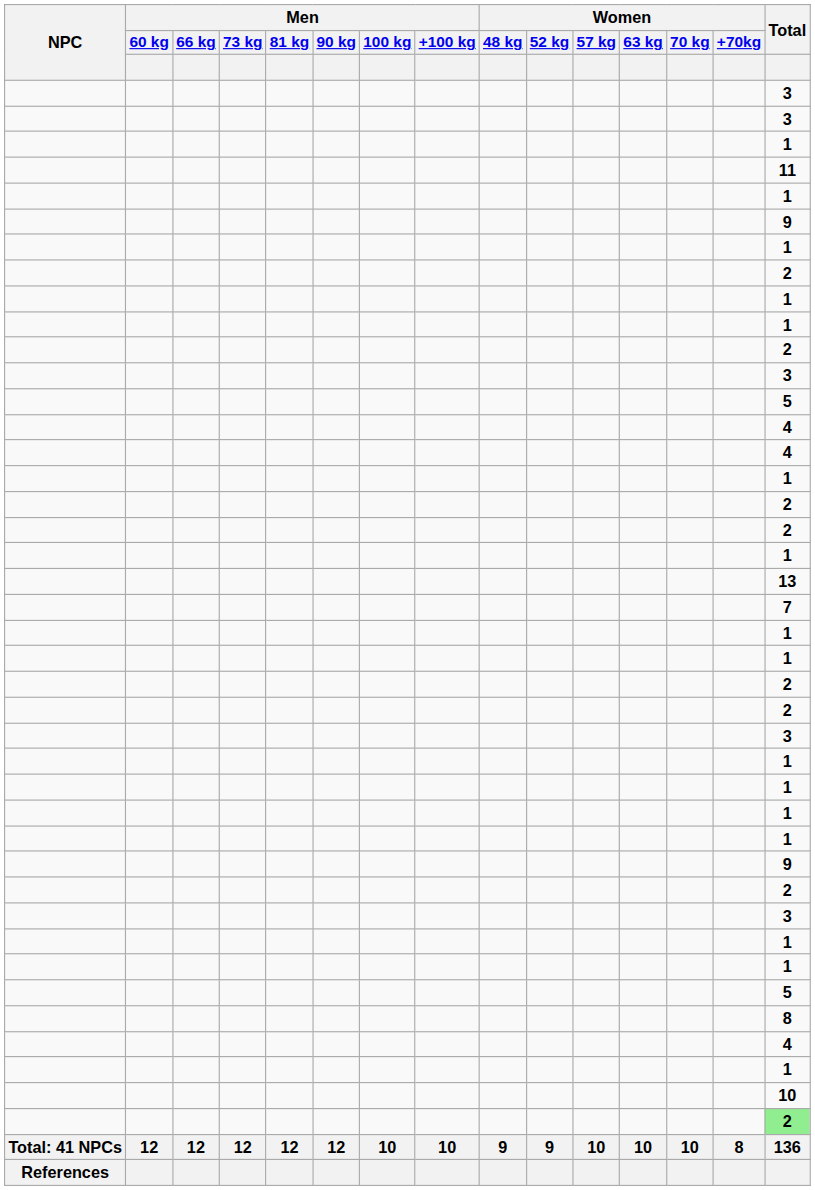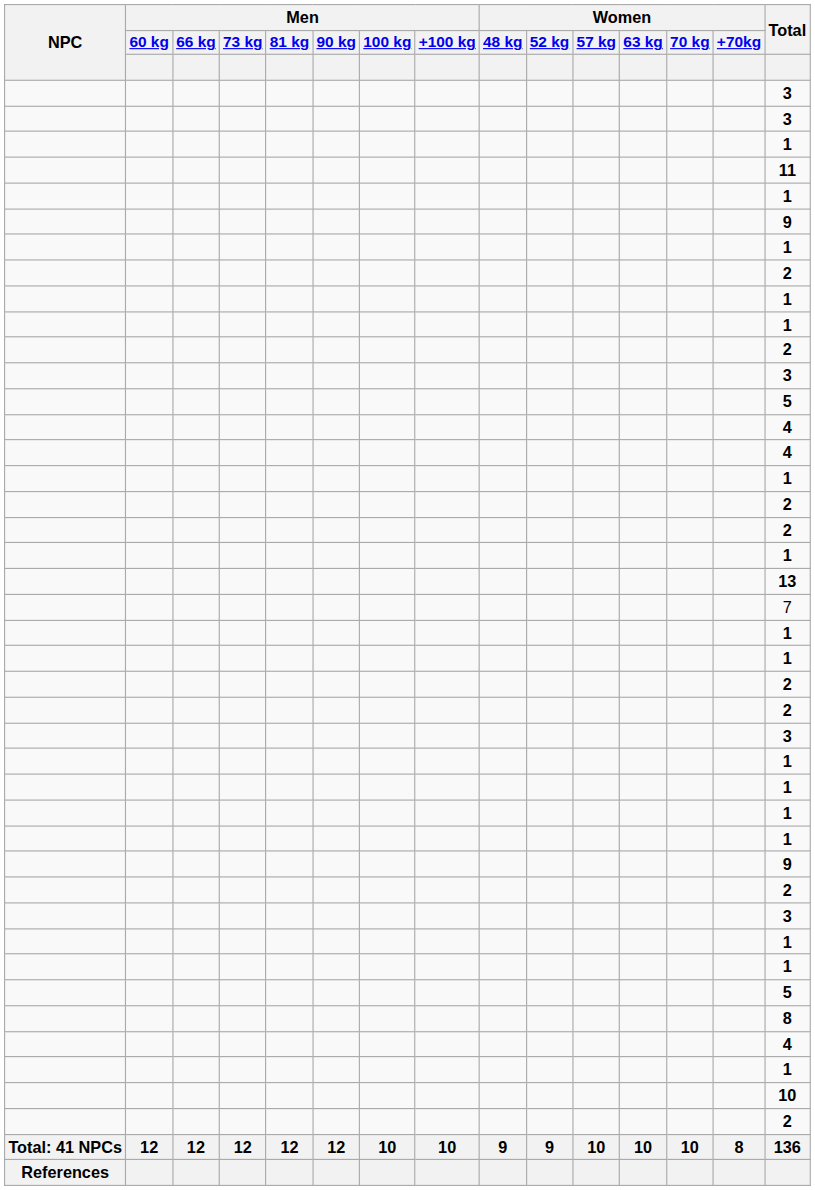 <table class="wikitable sortable" style="text-align:center; font-size:90%">
 <tr>
 <th rowspan=3>NPC</th>
 <th colspan=7>Men</th>
 <th colspan=6>Women</th>
 <th rowspan=2>Total</th>
 </tr>
 <tr style=font-size:95%>
 <th><a href='#'>60 kg</a></th>
 <th><a href='#'>66 kg</a></th>
 <th><a href='#'>73 kg</a></th>
 <th><a href='#'>81 kg</a></th>
 <th><a href='#'>90 kg</a></th>
 <th><a href='#'>100 kg</a></th>
 <th><a href='#'>+100 kg</a></th>
 <th><a href='#'>48 kg</a></th>
 <th><a href='#'>52 kg</a></th>
 <th><a href='#'>57 kg</a></th>
 <th><a href='#'>63 kg</a></th>
 <th><a href='#'>70 kg</a></th>
 <th><a href='#'>+70kg</a></th>
 </tr>
 <tr style="text-align:center;">
 <th> </th>
 <th></th>
 <th></th>
 <th></th>
 <th></th>
 <th></th>
 <th></th>
 <th></th>
 <th></th>
 <th></th>
 <th></th>
 <th></th>
 <th></th>
 <th></th>
 </tr>
 <tr>
 <td style="text-align:left;"></td>
 <td></td>
 <td></td>
 <td></td>
 <td></td>
 <td></td>
 <td></td>
 <td></td>
 <td></td>
 <td></td>
 <td></td>
 <td></td>
 <td></td>
 <td></td>
 <td><strong>3</strong></td>
 </tr>
 <tr>
 <td style="text-align:left;"></td>
 <td></td>
 <td></td>
 <td></td>
 <td></td>
 <td></td>
 <td></td>
 <td></td>
 <td></td>
 <td></td>
 <td></td>
 <td></td>
 <td></td>
 <td></td>
 <td><strong>3</strong></td>
 </tr>
 <tr>
 <td style="text-align:left;"></td>
 <td></td>
 <td></td>
 <td></td>
 <td></td>
 <td></td>
 <td></td>
 <td></td>
 <td></td>
 <td></td>
 <td></td>
 <td></td>
 <td></td>
 <td></td>
 <td><strong>1</strong></td>
 </tr>
 <tr>
 <td style="text-align:left;"></td>
 <td></td>
 <td></td>
 <td></td>
 <td></td>
 <td></td>
 <td></td>
 <td></td>
 <td></td>
 <td></td>
 <td></td>
 <td></td>
 <td></td>
 <td></td>
 <td><strong>11</strong></td>
 </tr>
 <tr>
 <td style="text-align:left;"></td>
 <td></td>
 <td></td>
 <td></td>
 <td></td>
 <td></td>
 <td></td>
 <td></td>
 <td></td>
 <td></td>
 <td></td>
 <td></td>
 <td></td>
 <td></td>
 <td><strong>1</strong></td>
 </tr>
 <tr>
 <td style="text-align:left;"></td>
 <td></td>
 <td></td>
 <td></td>
 <td></td>
 <td></td>
 <td></td>
 <td></td>
 <td></td>
 <td></td>
 <td></td>
 <td></td>
 <td></td>
 <td></td>
 <td><strong>9</strong></td>
 </tr>
 <tr>
 <td style="text-align:left;"></td>
 <td></td>
 <td></td>
 <td></td>
 <td></td>
 <td></td>
 <td></td>
 <td></td>
 <td></td>
 <td></td>
 <td></td>
 <td></td>
 <td></td>
 <td></td>
 <td><strong>1</strong></td>
 </tr>
 <tr>
 <td style="text-align:left;"></td>
 <td></td>
 <td></td>
 <td></td>
 <td></td>
 <td></td>
 <td></td>
 <td></td>
 <td></td>
 <td></td>
 <td></td>
 <td></td>
 <td></td>
 <td></td>
 <td><strong>2</strong></td>
 </tr>
 <tr>
 <td style="text-align:left;"></td>
 <td></td>
 <td></td>
 <td></td>
 <td></td>
 <td></td>
 <td></td>
 <td></td>
 <td></td>
 <td></td>
 <td></td>
 <td></td>
 <td></td>
 <td></td>
 <td><strong>1</strong></td>
 </tr>
 <tr>
 <td style="text-align:left;"></td>
 <td></td>
 <td></td>
 <td></td>
 <td></td>
 <td></td>
 <td></td>
 <td></td>
 <td></td>
 <td></td>
 <td></td>
 <td></td>
 <td></td>
 <td></td>
 <td><strong>1</strong></td>
 </tr>
 <tr>
 <td style="text-align:left;"></td>
 <td></td>
 <td></td>
 <td></td>
 <td></td>
 <td></td>
 <td></td>
 <td></td>
 <td></td>
 <td></td>
 <td></td>
 <td></td>
 <td></td>
 <td></td>
 <td><strong>2</strong></td>
 </tr>
 <tr>
 <td style="text-align:left;"></td>
 <td></td>
 <td></td>
 <td></td>
 <td></td>
 <td></td>
 <td></td>
 <td></td>
 <td></td>
 <td></td>
 <td></td>
 <td></td>
 <td></td>
 <td></td>
 <td><strong>3</strong></td>
 </tr>
 <tr>
 <td style="text-align:left;"></td>
 <td></td>
 <td></td>
 <td></td>
 <td></td>
 <td></td>
 <td></td>
 <td></td>
 <td></td>
 <td></td>
 <td></td>
 <td></td>
 <td></td>
 <td></td>
 <td><strong>5</strong></td>
 </tr>
 <tr>
 <td style="text-align:left;"></td>
 <td></td>
 <td></td>
 <td></td>
 <td></td>
 <td></td>
 <td></td>
 <td></td>
 <td></td>
 <td></td>
 <td></td>
 <td></td>
 <td></td>
 <td></td>
 <td><strong>4</strong></td>
 </tr>
 <tr>
 <td style="text-align:left;"></td>
 <td></td>
 <td></td>
 <td></td>
 <td></td>
 <td></td>
 <td></td>
 <td></td>
 <td></td>
 <td></td>
 <td></td>
 <td></td>
 <td></td>
 <td></td>
 <td><strong>4</strong></td>
 </tr>
 <tr>
 <td style="text-align:left;"></td>
 <td></td>
 <td></td>
 <td></td>
 <td></td>
 <td></td>
 <td></td>
 <td></td>
 <td></td>
 <td></td>
 <td></td>
 <td></td>
 <td></td>
 <td></td>
 <td><strong>1</strong></td>
 </tr>
 <tr>
 <td style="text-align:left;"></td>
 <td></td>
 <td></td>
 <td></td>
 <td></td>
 <td></td>
 <td></td>
 <td></td>
 <td></td>
 <td></td>
 <td></td>
 <td></td>
 <td></td>
 <td></td>
 <td><strong>2</strong></td>
 </tr>
 <tr>
 <td style="text-align:left;"></td>
 <td></td>
 <td></td>
 <td></td>
 <td></td>
 <td></td>
 <td></td>
 <td></td>
 <td></td>
 <td></td>
 <td></td>
 <td></td>
 <td></td>
 <td></td>
 <td><strong>2</strong></td>
 </tr>
 <tr>
 <td style="text-align:left;"></td>
 <td></td>
 <td></td>
 <td></td>
 <td></td>
 <td></td>
 <td></td>
 <td></td>
 <td></td>
 <td></td>
 <td></td>
 <td></td>
 <td></td>
 <td></td>
 <td><strong>1</strong></td>
 </tr>
 <tr>
 <td style="text-align:left;"></td>
 <td></td>
 <td></td>
 <td></td>
 <td></td>
 <td></td>
 <td></td>
 <td></td>
 <td></td>
 <td></td>
 <td></td>
 <td></td>
 <td></td>
 <td></td>
 <td><strong>13</strong></td>
 </tr>
 <tr>
 <td style="text-align:left;"></td>
 <td></td>
 <td></td>
 <td></td>
 <td></td>
 <td></td>
 <td></td>
 <td></td>
 <td></td>
 <td></td>
 <td></td>
 <td></td>
 <td></td>
 <td></td>
-<td><strong>7</strong></td>
+<td>7</td>
 </tr>
 <tr>
 <td style="text-align:left;"></td>
 <td></td>
 <td></td>
 <td></td>
 <td></td>
 <td></td>
 <td></td>
 <td></td>
 <td></td>
 <td></td>
 <td></td>
 <td></td>
 <td></td>
 <td></td>
 <td><strong>1</strong></td>
 </tr>
 <tr>
 <td style="text-align:left;"></td>
 <td></td>
 <td></td>
 <td></td>
 <td></td>
 <td></td>
 <td></td>
 <td></td>
 <td></td>
 <td></td>
 <td></td>
 <td></td>
 <td></td>
 <td></td>
 <td><strong>1</strong></td>
 </tr>
 <tr>
 <td style="text-align:left;"></td>
 <td></td>
 <td></td>
 <td></td>
 <td></td>
 <td></td>
 <td></td>
 <td></td>
 <td></td>
 <td></td>
 <td></td>
 <td></td>
 <td></td>
 <td></td>
 <td><strong>2</strong></td>
 </tr>
 <tr>
 <td style="text-align:left;"></td>
 <td></td>
 <td></td>
 <td></td>
 <td></td>
 <td></td>
 <td></td>
 <td></td>
 <td></td>
 <td></td>
 <td></td>
 <td></td>
 <td></td>
 <td></td>
 <td><strong>2</strong></td>
 </tr>
 <tr>
 <td style="text-align:left;"></td>
 <td></td>
 <td></td>
 <td></td>
 <td></td>
 <td></td>
 <td></td>
 <td></td>
 <td></td>
 <td></td>
 <td></td>
 <td></td>
 <td></td>
 <td></td>
 <td><strong>3</strong></td>
 </tr>
 <tr>
 <td style="text-align:left;"></td>
 <td></td>
 <td></td>
 <td></td>
 <td></td>
 <td></td>
 <td></td>
 <td></td>
 <td></td>
 <td></td>
 <td></td>
 <td></td>
 <td></td>
 <td></td>
 <td><strong>1</strong></td>
 </tr>
 <tr>
 <td style="text-align:left;"></td>
 <td></td>
 <td></td>
 <td></td>
 <td></td>
 <td></td>
 <td></td>
 <td></td>
 <td></td>
 <td></td>
 <td></td>
 <td></td>
 <td></td>
 <td></td>
 <td><strong>1</strong></td>
 </tr>
 <tr>
 <td style="text-align:left;"></td>
 <td></td>
 <td></td>
 <td></td>
 <td></td>
 <td></td>
 <td></td>
 <td></td>
 <td></td>
 <td></td>
 <td></td>
 <td></td>
 <td></td>
 <td></td>
 <td><strong>1</strong></td>
 </tr>
 <tr>
 <td style="text-align:left;"></td>
 <td></td>
 <td></td>
 <td></td>
 <td></td>
 <td></td>
 <td></td>
 <td></td>
 <td></td>
 <td></td>
 <td></td>
 <td></td>
 <td></td>
 <td></td>
 <td><strong>1</strong></td>
 </tr>
 <tr>
 <td style="text-align:left;"></td>
 <td></td>
 <td></td>
 <td></td>
 <td></td>
 <td></td>
 <td></td>
 <td></td>
 <td></td>
 <td></td>
 <td></td>
 <td></td>
 <td></td>
 <td></td>
 <td><strong>9</strong></td>
 </tr>
 <tr>
 <td style="text-align:left;"></td>
 <td></td>
 <td></td>
 <td></td>
 <td></td>
 <td></td>
 <td></td>
 <td></td>
 <td></td>
 <td></td>
 <td></td>
 <td></td>
 <td></td>
 <td></td>
 <td><strong>2</strong></td>
 </tr>
 <tr>
 <td style="text-align:left;"></td>
 <td></td>
 <td></td>
 <td></td>
 <td></td>
 <td></td>
 <td></td>
 <td></td>
 <td></td>
 <td></td>
 <td></td>
 <td></td>
 <td></td>
 <td></td>
 <td><strong>3</strong></td>
 </tr>
 <tr>
 <td style="text-align:left;"></td>
 <td></td>
 <td></td>
 <td></td>
 <td></td>
 <td></td>
 <td></td>
 <td></td>
 <td></td>
 <td></td>
 <td></td>
 <td></td>
 <td></td>
 <td></td>
 <td><strong>1</strong></td>
 </tr>
 <tr>
 <td style="text-align:left;"></td>
 <td></td>
 <td></td>
 <td></td>
 <td></td>
 <td></td>
 <td></td>
 <td></td>
 <td></td>
 <td></td>
 <td></td>
 <td></td>
 <td></td>
 <td></td>
 <td><strong>1</strong></td>
 </tr>
 <tr>
 <td style="text-align:left;"></td>
 <td></td>
 <td></td>
 <td></td>
 <td></td>
 <td></td>
 <td></td>
 <td></td>
 <td></td>
 <td></td>
 <td></td>
 <td></td>
 <td></td>
 <td></td>
 <td><strong>5</strong></td>
 </tr>
 <tr>
 <td style="text-align:left;"></td>
 <td></td>
 <td></td>
 <td></td>
 <td></td>
 <td></td>
 <td></td>
 <td></td>
 <td></td>
 <td></td>
 <td></td>
 <td></td>
 <td></td>
 <td></td>
 <td><strong>8</strong></td>
 </tr>
 <tr>
 <td style="text-align:left;"></td>
 <td></td>
 <td></td>
 <td></td>
 <td></td>
 <td></td>
 <td></td>
 <td></td>
 <td></td>
 <td></td>
 <td></td>
 <td></td>
 <td></td>
 <td></td>
 <td><strong>4</strong></td>
 </tr>
 <tr>
 <td style="text-align:left;"></td>
 <td></td>
 <td></td>
 <td></td>
 <td></td>
 <td></td>
 <td></td>
 <td></td>
 <td></td>
 <td></td>
 <td></td>
 <td></td>
 <td></td>
 <td></td>
 <td><strong>1</strong></td>
 </tr>
 <tr>
 <td style="text-align:left;"></td>
 <td></td>
 <td></td>
 <td></td>
 <td></td>
 <td></td>
 <td></td>
 <td></td>
 <td></td>
 <td></td>
 <td></td>
 <td></td>
 <td></td>
 <td></td>
 <td><strong>10</strong></td>
 </tr>
 <tr>
 <td style="text-align:left;"></td>
 <td></td>
 <td></td>
 <td></td>
 <td></td>
 <td></td>
 <td></td>
 <td></td>
 <td></td>
 <td></td>
 <td></td>
 <td></td>
 <td></td>
 <td></td>
-<td style="background: lightgreen;"><strong>2</strong></td>
+<td><strong>2</strong></td>
 </tr>
 <tr>
 <th>Total: 41 NPCs</th>
 <th>12</th>
 <th>12</th>
 <th>12</th>
 <th>12</th>
 <th>12</th>
 <th>10</th>
 <th>10</th>
 <th>9</th>
 <th>9</th>
 <th>10</th>
 <th>10</th>
 <th>10</th>
 <th>8</th>
 <th>136</th>
 </tr>
 <tr>
 <th>References</th>
 <th></th>
 <th></th>
 <th></th>
 <th></th>
 <th></th>
 <th></th>
 <th></th>
 <th></th>
 <th></th>
 <th></th>
 <th></th>
 <th></th>
 <th></th>
 <th></th>
 </tr>
 </table>
